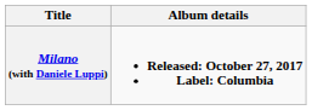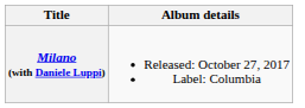 <table class="wikitable plainrowheaders" style="text-align:center;">
 <tr>
 <th scope="col">Title</th>
 <th scope="col">Album details</th>
 </tr>
 <tr>
 <th scope="row"><em><a href='#'>Milano</a></em><br><small>(with <a href='#'>Daniele Luppi</a>)</small></th>
-<td><strong><br><ul><li>Released: October 27, 2017</li><li>Label: Columbia</li></ul></strong></td>
+<td><br><ul><li>Released: October 27, 2017</li><li>Label: Columbia</li></ul></td>
 </tr>
 </table>
